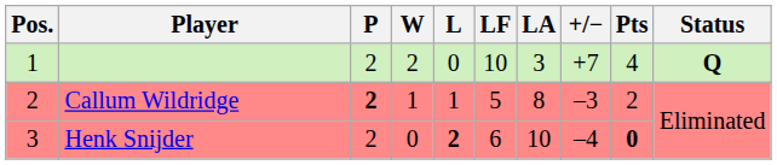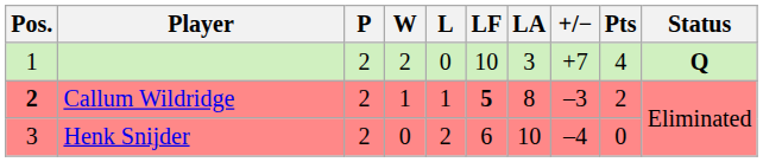 <table class="wikitable" style="text-align:center; margin: 1em auto 1em auto, align:left">
 <tr>
 <th width=20>Pos.</th>
 <th width=185>Player</th>
 <th width=20>P</th>
 <th width=20>W</th>
 <th width=20>L</th>
 <th width=20>LF</th>
 <th width=20>LA</th>
 <th width=25>+/−</th>
 <th width=20>Pts</th>
 <th width=70>Status</th>
 </tr>
 <tr style="background:#D0F0C0;">
 <td>1</td>
 <td align=left></td>
 <td>2</td>
 <td>2</td>
 <td>0</td>
 <td>10</td>
 <td>3</td>
 <td>+7</td>
 <td>4</td>
 <td><strong>Q</strong></td>
 </tr>
 <tr style="background:#FF8888;">
+<td><strong>2</strong></td>
+<td align=left> <a href='#'>Callum Wildridge</a></td>
 <td>2</td>
-<td align=left> <a href='#'>Callum Wildridge</a></td>
-<td><strong>2</strong></td>
 <td>1</td>
 <td>1</td>
-<td>5</td>
+<td><strong>5</strong></td>
 <td>8</td>
 <td>–3</td>
 <td>2</td>
 <td rowspan=2>Eliminated</td>
 </tr>
 <tr style="background:#FF8888;">
 <td>3</td>
 <td align=left> <a href='#'>Henk Snijder</a></td>
 <td>2</td>
 <td>0</td>
-<td><strong>2</strong></td>
+<td>2</td>
 <td>6</td>
 <td>10</td>
 <td>–4</td>
-<td><strong>0</strong></td>
+<td>0</td>
 </tr>
 </table>
